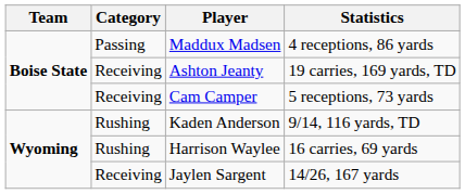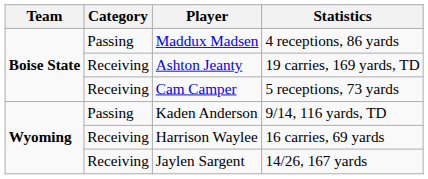 <table class="wikitable" style="float: right;">
 <tr>
 <th>Team</th>
 <th>Category</th>
 <th>Player</th>
 <th>Statistics</th>
 </tr>
 <tr>
 <td rowspan=3><strong>Boise State</strong></td>
 <td>Passing</td>
 <td><a href='#'>Maddux Madsen</a></td>
 <td>4 receptions, 86 yards</td>
 </tr>
 <tr>
 <td>Receiving</td>
 <td><a href='#'>Ashton Jeanty</a></td>
 <td>19 carries, 169 yards, TD</td>
 </tr>
 <tr>
 <td>Receiving</td>
 <td><a href='#'>Cam Camper</a></td>
 <td>5 receptions, 73 yards</td>
 </tr>
 <tr>
 <td rowspan=3><strong>Wyoming</strong></td>
-<td>Rushing</td>
+<td>Passing</td>
 <td>Kaden Anderson</td>
 <td>9/14, 116 yards, TD</td>
 </tr>
 <tr>
-<td>Rushing</td>
+<td>Receiving</td>
 <td>Harrison Waylee</td>
 <td>16 carries, 69 yards</td>
 </tr>
 <tr>
 <td>Receiving</td>
 <td>Jaylen Sargent</td>
 <td>14/26, 167 yards</td>
 </tr>
 </table>
